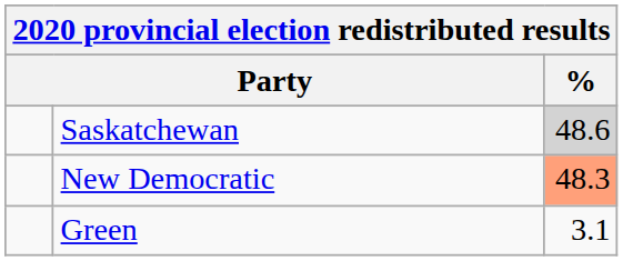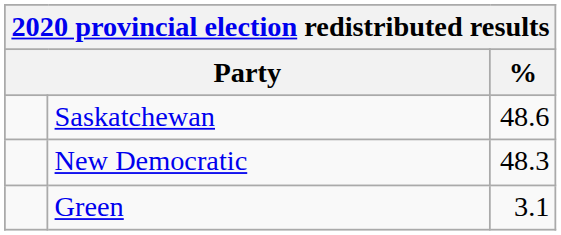 <table class="wikitable">
 <tr>
 <th colspan="4"><a href='#'>2020 provincial election</a> redistributed results</th>
 </tr>
 <tr>
 <th bgcolor="#DDDDFF" width="130px" colspan="2">Party</th>
 <th bgcolor="#DDDDFF" width="30px">%</th>
 </tr>
 <tr>
 <td> </td>
 <td><a href='#'>Saskatchewan</a></td>
-<td align=right style="background: lightgrey;">48.6</td>
+<td align=right>48.6</td>
 </tr>
 <tr>
 <td> </td>
 <td><a href='#'>New Democratic</a></td>
-<td align=right style="background: lightsalmon;">48.3</td>
+<td align=right>48.3</td>
 </tr>
 <tr>
 <td> </td>
 <td><a href='#'>Green</a></td>
 <td align=right>3.1</td>
 </tr>
 </table>
